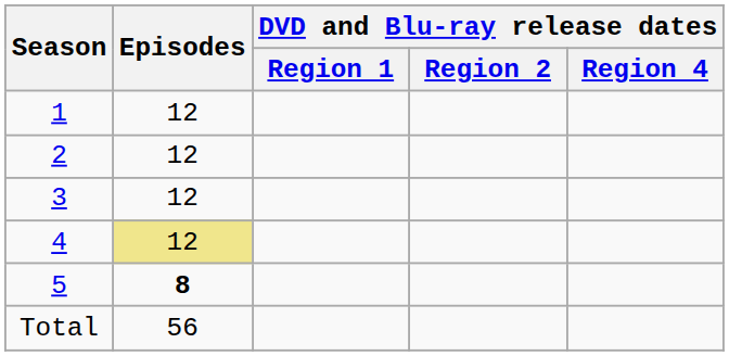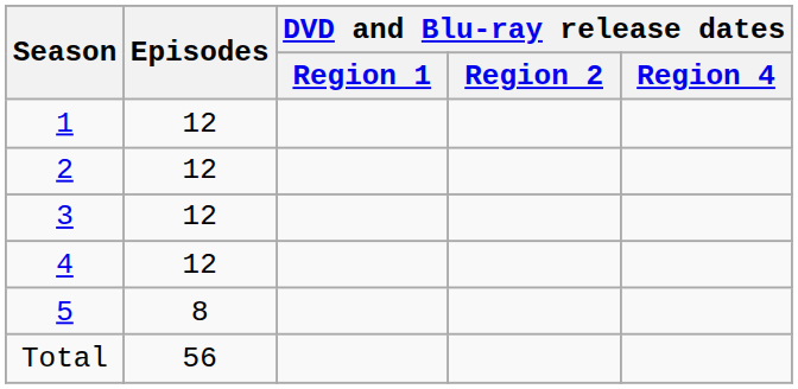 <table class="wikitable plainrowheaders" style="text-align: center;">
 <tr>
 <th scope="col" rowspan="2">Season</th>
 <th scope="col" rowspan="2">Episodes</th>
 <th scope="col" colspan="4"><a href='#'>DVD</a> and <a href='#'>Blu-ray</a> release dates</th>
 </tr>
 <tr>
 <th scope="col"><a href='#'>Region 1</a></th>
 <th scope="col"><a href='#'>Region 2</a></th>
 <th scope="col"><a href='#'>Region 4</a></th>
 </tr>
 <tr>
 <td scope="row"><a href='#'>1</a></td>
 <td>12</td>
 <td></td>
 <td></td>
 <td></td>
 </tr>
 <tr>
 <td scope="row"><a href='#'>2</a></td>
 <td>12</td>
 <td></td>
 <td></td>
 <td></td>
 </tr>
 <tr>
 <td scope="row"><a href='#'>3</a></td>
 <td>12</td>
 <td></td>
 <td></td>
 <td></td>
 </tr>
 <tr>
 <td scope="row"><a href='#'>4</a></td>
-<td style="background: khaki;">12</td>
+<td>12</td>
 <td></td>
 <td></td>
 <td></td>
 </tr>
 <tr>
 <td scope="row"><a href='#'>5</a></td>
-<td><strong>8</strong></td>
+<td>8</td>
 <td></td>
 <td></td>
 <td></td>
 </tr>
 <tr>
 <td scope="row">Total</td>
 <td>56</td>
 <td></td>
 <td></td>
 <td></td>
 </tr>
 </table>
